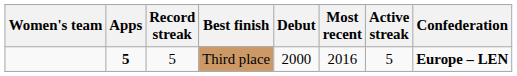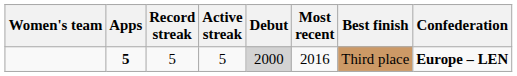 <table class="wikitable" style="text-align: center; font-size: 90%; margin-left: 1em;">
 <tr>
 <th>Women's team</th>
 <th>Apps</th>
 <th>Record<br>streak</th>
-<th>Best finish</th>
+<th>Active<br>streak</th>
 <th>Debut</th>
 <th>Most<br>recent</th>
-<th>Active<br>streak</th>
+<th>Best finish</th>
 <th>Confederation</th>
 </tr>
 <tr>
 <td style="text-align: left;"></td>
 <td><strong>5</strong></td>
 <td>5</td>
+<td>5</td>
+<td style="background: lightgrey;">2000</td>
+<td>2016</td>
 <td style="background-color: #cc9966;">Third place</td>
-<td>2000</td>
-<td>2016</td>
-<td>5</td>
 <td><strong>Europe – LEN</strong></td>
 </tr>
 </table>
